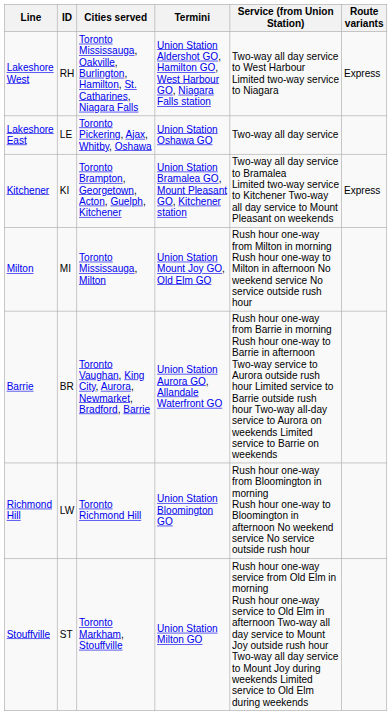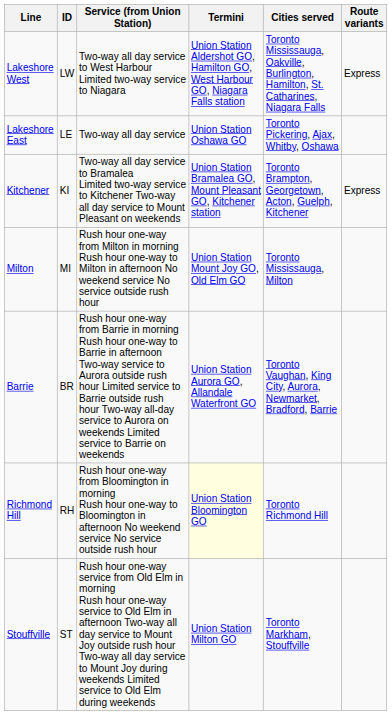 <table class="wikitable">
 <tr>
 <th>Line</th>
 <th>ID</th>
+<th>Service (from Union Station)</th>
+<th>Termini</th>
 <th>Cities served</th>
-<th>Termini</th>
-<th>Service (from Union Station)</th>
 <th>Route variants</th>
 </tr>
 <tr>
 <td><a href='#'>Lakeshore West</a></td>
-<td>RH</td>
+<td>LW</td>
+<td>Two-way all day service to West Harbour<br>Limited two-way service to Niagara</td>
+<td><a href='#'>Union Station</a><br><a href='#'>Aldershot GO</a>, <a href='#'>Hamilton GO</a>, <a href='#'>West Harbour GO</a>, <a href='#'>Niagara Falls station</a></td>
 <td><a href='#'>Toronto</a><br><a href='#'>Mississauga</a>, <a href='#'>Oakville</a>, <a href='#'>Burlington</a>, <a href='#'>Hamilton</a>, <a href='#'>St. Catharines</a>, <a href='#'>Niagara Falls</a></td>
-<td><a href='#'>Union Station</a><br><a href='#'>Aldershot GO</a>, <a href='#'>Hamilton GO</a>, <a href='#'>West Harbour GO</a>, <a href='#'>Niagara Falls station</a></td>
-<td>Two-way all day service to West Harbour<br>Limited two-way service to Niagara</td>
 <td>Express</td>
 </tr>
 <tr>
 <td><a href='#'>Lakeshore East</a></td>
 <td>LE</td>
+<td>Two-way all day service</td>
+<td><a href='#'>Union Station</a><br><a href='#'>Oshawa GO</a></td>
 <td><a href='#'>Toronto</a><br><a href='#'>Pickering</a>, <a href='#'>Ajax</a>, <a href='#'>Whitby</a>, <a href='#'>Oshawa</a></td>
-<td><a href='#'>Union Station</a><br><a href='#'>Oshawa GO</a></td>
-<td>Two-way all day service</td>
 <td></td>
 </tr>
 <tr>
 <td><a href='#'>Kitchener</a></td>
 <td>KI</td>
+<td>Two-way all day service to Bramalea<br>Limited two-way service to Kitchener Two-way all day service to Mount Pleasant on weekends</td>
+<td><a href='#'>Union Station</a><br><a href='#'>Bramalea GO</a>, <a href='#'>Mount Pleasant GO</a>, <a href='#'>Kitchener station</a></td>
 <td><a href='#'>Toronto</a><br><a href='#'>Brampton</a>, <a href='#'>Georgetown</a>, <a href='#'>Acton</a>, <a href='#'>Guelph</a>, <a href='#'>Kitchener</a></td>
-<td><a href='#'>Union Station</a><br><a href='#'>Bramalea GO</a>, <a href='#'>Mount Pleasant GO</a>, <a href='#'>Kitchener station</a></td>
-<td>Two-way all day service to Bramalea<br>Limited two-way service to Kitchener Two-way all day service to Mount Pleasant on weekends</td>
 <td>Express</td>
 </tr>
 <tr>
 <td><a href='#'>Milton</a></td>
 <td>MI</td>
+<td>Rush hour one-way from Milton in morning<br>Rush hour one-way to Milton in afternoon No weekend service No service outside rush hour</td>
+<td><a href='#'>Union Station</a><br><a href='#'>Mount Joy GO</a>, <a href='#'>Old Elm GO</a></td>
 <td><a href='#'>Toronto</a><br><a href='#'>Mississauga</a>, <a href='#'>Milton</a></td>
-<td><a href='#'>Union Station</a><br><a href='#'>Mount Joy GO</a>, <a href='#'>Old Elm GO</a></td>
-<td>Rush hour one-way from Milton in morning<br>Rush hour one-way to Milton in afternoon No weekend service No service outside rush hour</td>
 <td></td>
 </tr>
 <tr>
 <td><a href='#'>Barrie</a></td>
 <td>BR</td>
+<td>Rush hour one-way from Barrie in morning<br>Rush hour one-way to Barrie in afternoon Two-way service to Aurora outside rush hour Limited service to Barrie outside rush hour Two-way all-day service to Aurora on weekends Limited service to Barrie on weekends</td>
+<td><a href='#'>Union Station</a><br><a href='#'>Aurora GO</a>, <a href='#'>Allandale Waterfront GO</a></td>
 <td><a href='#'>Toronto</a><br><a href='#'>Vaughan</a>, <a href='#'>King City</a>, <a href='#'>Aurora</a>, <a href='#'>Newmarket</a>, <a href='#'>Bradford</a>, <a href='#'>Barrie</a></td>
-<td><a href='#'>Union Station</a><br><a href='#'>Aurora GO</a>, <a href='#'>Allandale Waterfront GO</a></td>
-<td>Rush hour one-way from Barrie in morning<br>Rush hour one-way to Barrie in afternoon Two-way service to Aurora outside rush hour Limited service to Barrie outside rush hour Two-way all-day service to Aurora on weekends Limited service to Barrie on weekends</td>
 <td></td>
 </tr>
 <tr>
 <td><a href='#'>Richmond Hill</a></td>
-<td>LW</td>
+<td>RH</td>
+<td>Rush hour one-way from Bloomington in morning<br>Rush hour one-way to Bloomington in afternoon No weekend service No service outside rush hour</td>
+<td style="background: lightyellow;"><a href='#'>Union Station</a><br><a href='#'>Bloomington GO</a></td>
 <td><a href='#'>Toronto</a><br><a href='#'>Richmond Hill</a></td>
-<td><a href='#'>Union Station</a><br><a href='#'>Bloomington GO</a></td>
-<td>Rush hour one-way from Bloomington in morning<br>Rush hour one-way to Bloomington in afternoon No weekend service No service outside rush hour</td>
 <td></td>
 </tr>
 <tr>
 <td><a href='#'>Stouffville</a></td>
 <td>ST</td>
+<td>Rush hour one-way service from Old Elm in morning<br>Rush hour one-way service to Old Elm in afternoon Two-way all day service to Mount Joy outside rush hour Two-way all day service to Mount Joy during weekends Limited service to Old Elm during weekends</td>
+<td><a href='#'>Union Station</a><br><a href='#'>Milton GO</a></td>
 <td><a href='#'>Toronto</a><br><a href='#'>Markham</a>, <a href='#'>Stouffville</a></td>
-<td><a href='#'>Union Station</a><br><a href='#'>Milton GO</a></td>
-<td>Rush hour one-way service from Old Elm in morning<br>Rush hour one-way service to Old Elm in afternoon Two-way all day service to Mount Joy outside rush hour Two-way all day service to Mount Joy during weekends Limited service to Old Elm during weekends</td>
 <td></td>
 </tr>
 </table>
